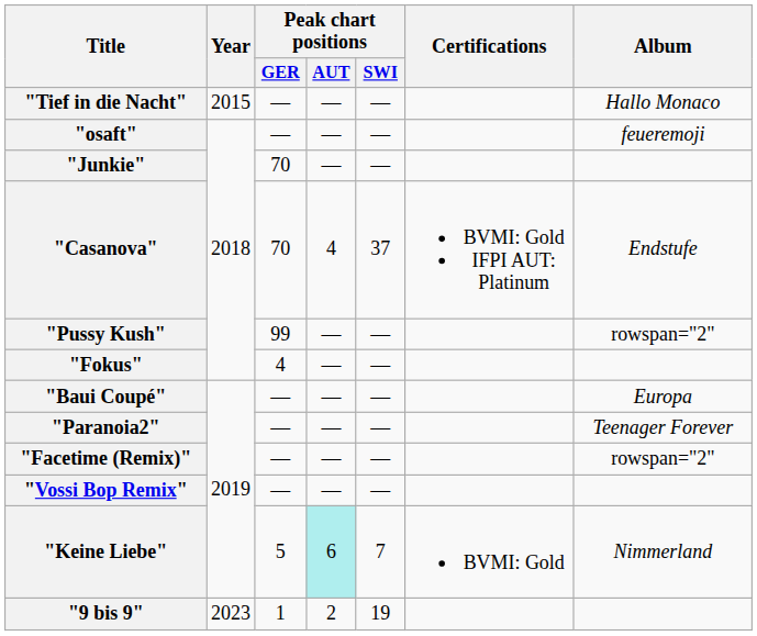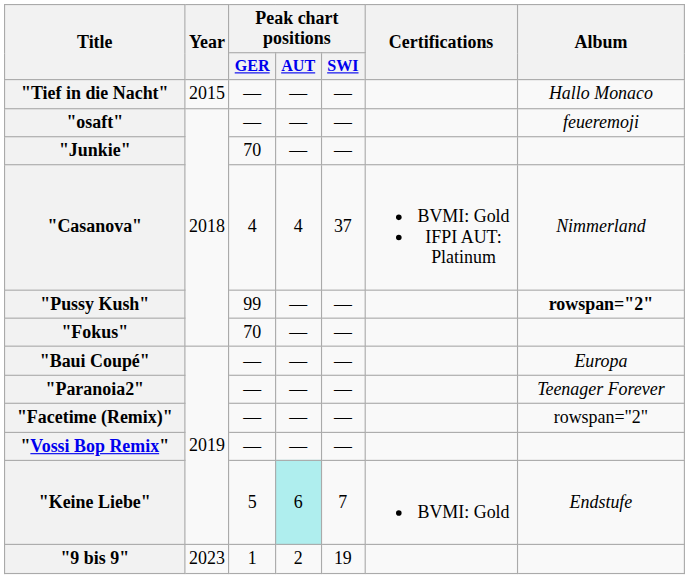 <table class="wikitable plainrowheaders" style="text-align:center;">
 <tr>
 <th scope="col" rowspan="2" style="width:20em;">Title</th>
 <th scope="col" rowspan="2" style="width:1em;">Year</th>
 <th scope="col" colspan="3">Peak chart positions</th>
 <th scope="col" rowspan="2" style="width:13em;">Certifications</th>
 <th scope="col" rowspan="2" style="width:16.5em;">Album</th>
 </tr>
 <tr>
 <th scope="col" style="width:3em;font-size:90%;"><a href='#'>GER</a><br></th>
 <th scope="col" style="width:3em;font-size:90%;"><a href='#'>AUT</a><br></th>
 <th scope="col" style="width:3em;font-size:90%;"><a href='#'>SWI</a><br></th>
 </tr>
 <tr>
 <th scope="row">"Tief in die Nacht"<br></th>
 <td>2015</td>
 <td>—</td>
 <td>—</td>
 <td>—</td>
 <td></td>
 <td><em>Hallo Monaco</em></td>
 </tr>
 <tr>
 <th scope="row">"osaft"<br></th>
 <td rowspan="5">2018</td>
 <td>—</td>
 <td>—</td>
 <td>—</td>
 <td></td>
 <td><em>feueremoji</em></td>
 </tr>
 <tr>
 <th scope="row">"Junkie"<br></th>
 <td>70</td>
 <td>—</td>
 <td>—</td>
 <td></td>
 <td></td>
 </tr>
 <tr>
 <th scope="row">"Casanova"<br></th>
-<td>70</td>
+<td>4</td>
 <td>4</td>
 <td>37</td>
 <td><br><ul><li>BVMI: Gold</li><li>IFPI AUT: Platinum</li></ul></td>
-<td><em>Endstufe</em></td>
+<td><em>Nimmerland</em></td>
 </tr>
 <tr>
 <th scope="row">"Pussy Kush"<br></th>
 <td>99</td>
 <td>—</td>
 <td>—</td>
 <td></td>
-<td>rowspan="2" </td>
+<td><strong>rowspan="2" </strong></td>
 </tr>
 <tr>
 <th scope="row">"Fokus"<br></th>
-<td>4</td>
+<td>70</td>
 <td>—</td>
 <td>—</td>
 <td></td>
 </tr>
 <tr>
 <th scope="row">"Baui Coupé"<br></th>
 <td rowspan="5">2019</td>
 <td>—</td>
 <td>—</td>
 <td>—</td>
 <td></td>
 <td><em>Europa</em></td>
 </tr>
 <tr>
 <th scope="row">"Paranoia2"<br></th>
 <td>—</td>
 <td>—</td>
 <td>—</td>
 <td></td>
 <td><em>Teenager Forever</em></td>
 </tr>
 <tr>
 <th scope="row">"Facetime (Remix)"<br></th>
 <td>—</td>
 <td>—</td>
 <td>—</td>
 <td></td>
 <td>rowspan="2" </td>
 </tr>
 <tr>
 <th scope="row">"<a href='#'>Vossi Bop Remix</a>"<br></th>
 <td>—</td>
 <td>—</td>
 <td>—</td>
 <td></td>
 </tr>
 <tr>
 <th scope="row">"Keine Liebe"<br></th>
 <td>5</td>
 <td style="background: paleturquoise;">6</td>
 <td>7</td>
 <td><br><ul><li>BVMI: Gold</li></ul></td>
-<td><em>Nimmerland</em></td>
+<td><em>Endstufe</em></td>
 </tr>
 <tr>
 <th scope="row">"9 bis 9"<br></th>
 <td>2023</td>
 <td>1</td>
 <td>2</td>
 <td>19</td>
 <td></td>
 <td></td>
 </tr>
 </table>
